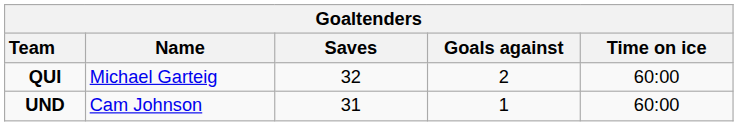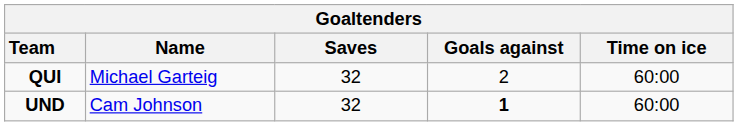 <table class="wikitable" style="width:40em; text-align:right;">
 <tr>
 <th colspan=5>Goaltenders</th>
 </tr>
 <tr>
 <th style="width:4em; text-align:left;">Team</th>
 <th style="width:10em;">Name</th>
 <th style="width:8em;">Saves</th>
 <th style="width:8em;">Goals against</th>
 <th style="width:8em;">Time on ice</th>
 </tr>
 <tr>
 <td align=center><strong>QUI</strong></td>
 <td style="text-align:left;"><a href='#'>Michael Garteig</a></td>
 <td align=center>32</td>
 <td align=center>2</td>
 <td align=center>60:00</td>
 </tr>
 <tr>
 <td align=center><strong>UND</strong></td>
 <td style="text-align:left;"><a href='#'>Cam Johnson</a></td>
-<td align=center>31</td>
-<td align=center>1</td>
+<td align=center>32</td>
+<td align=center><strong>1</strong></td>
 <td align=center>60:00</td>
 </tr>
 </table>
